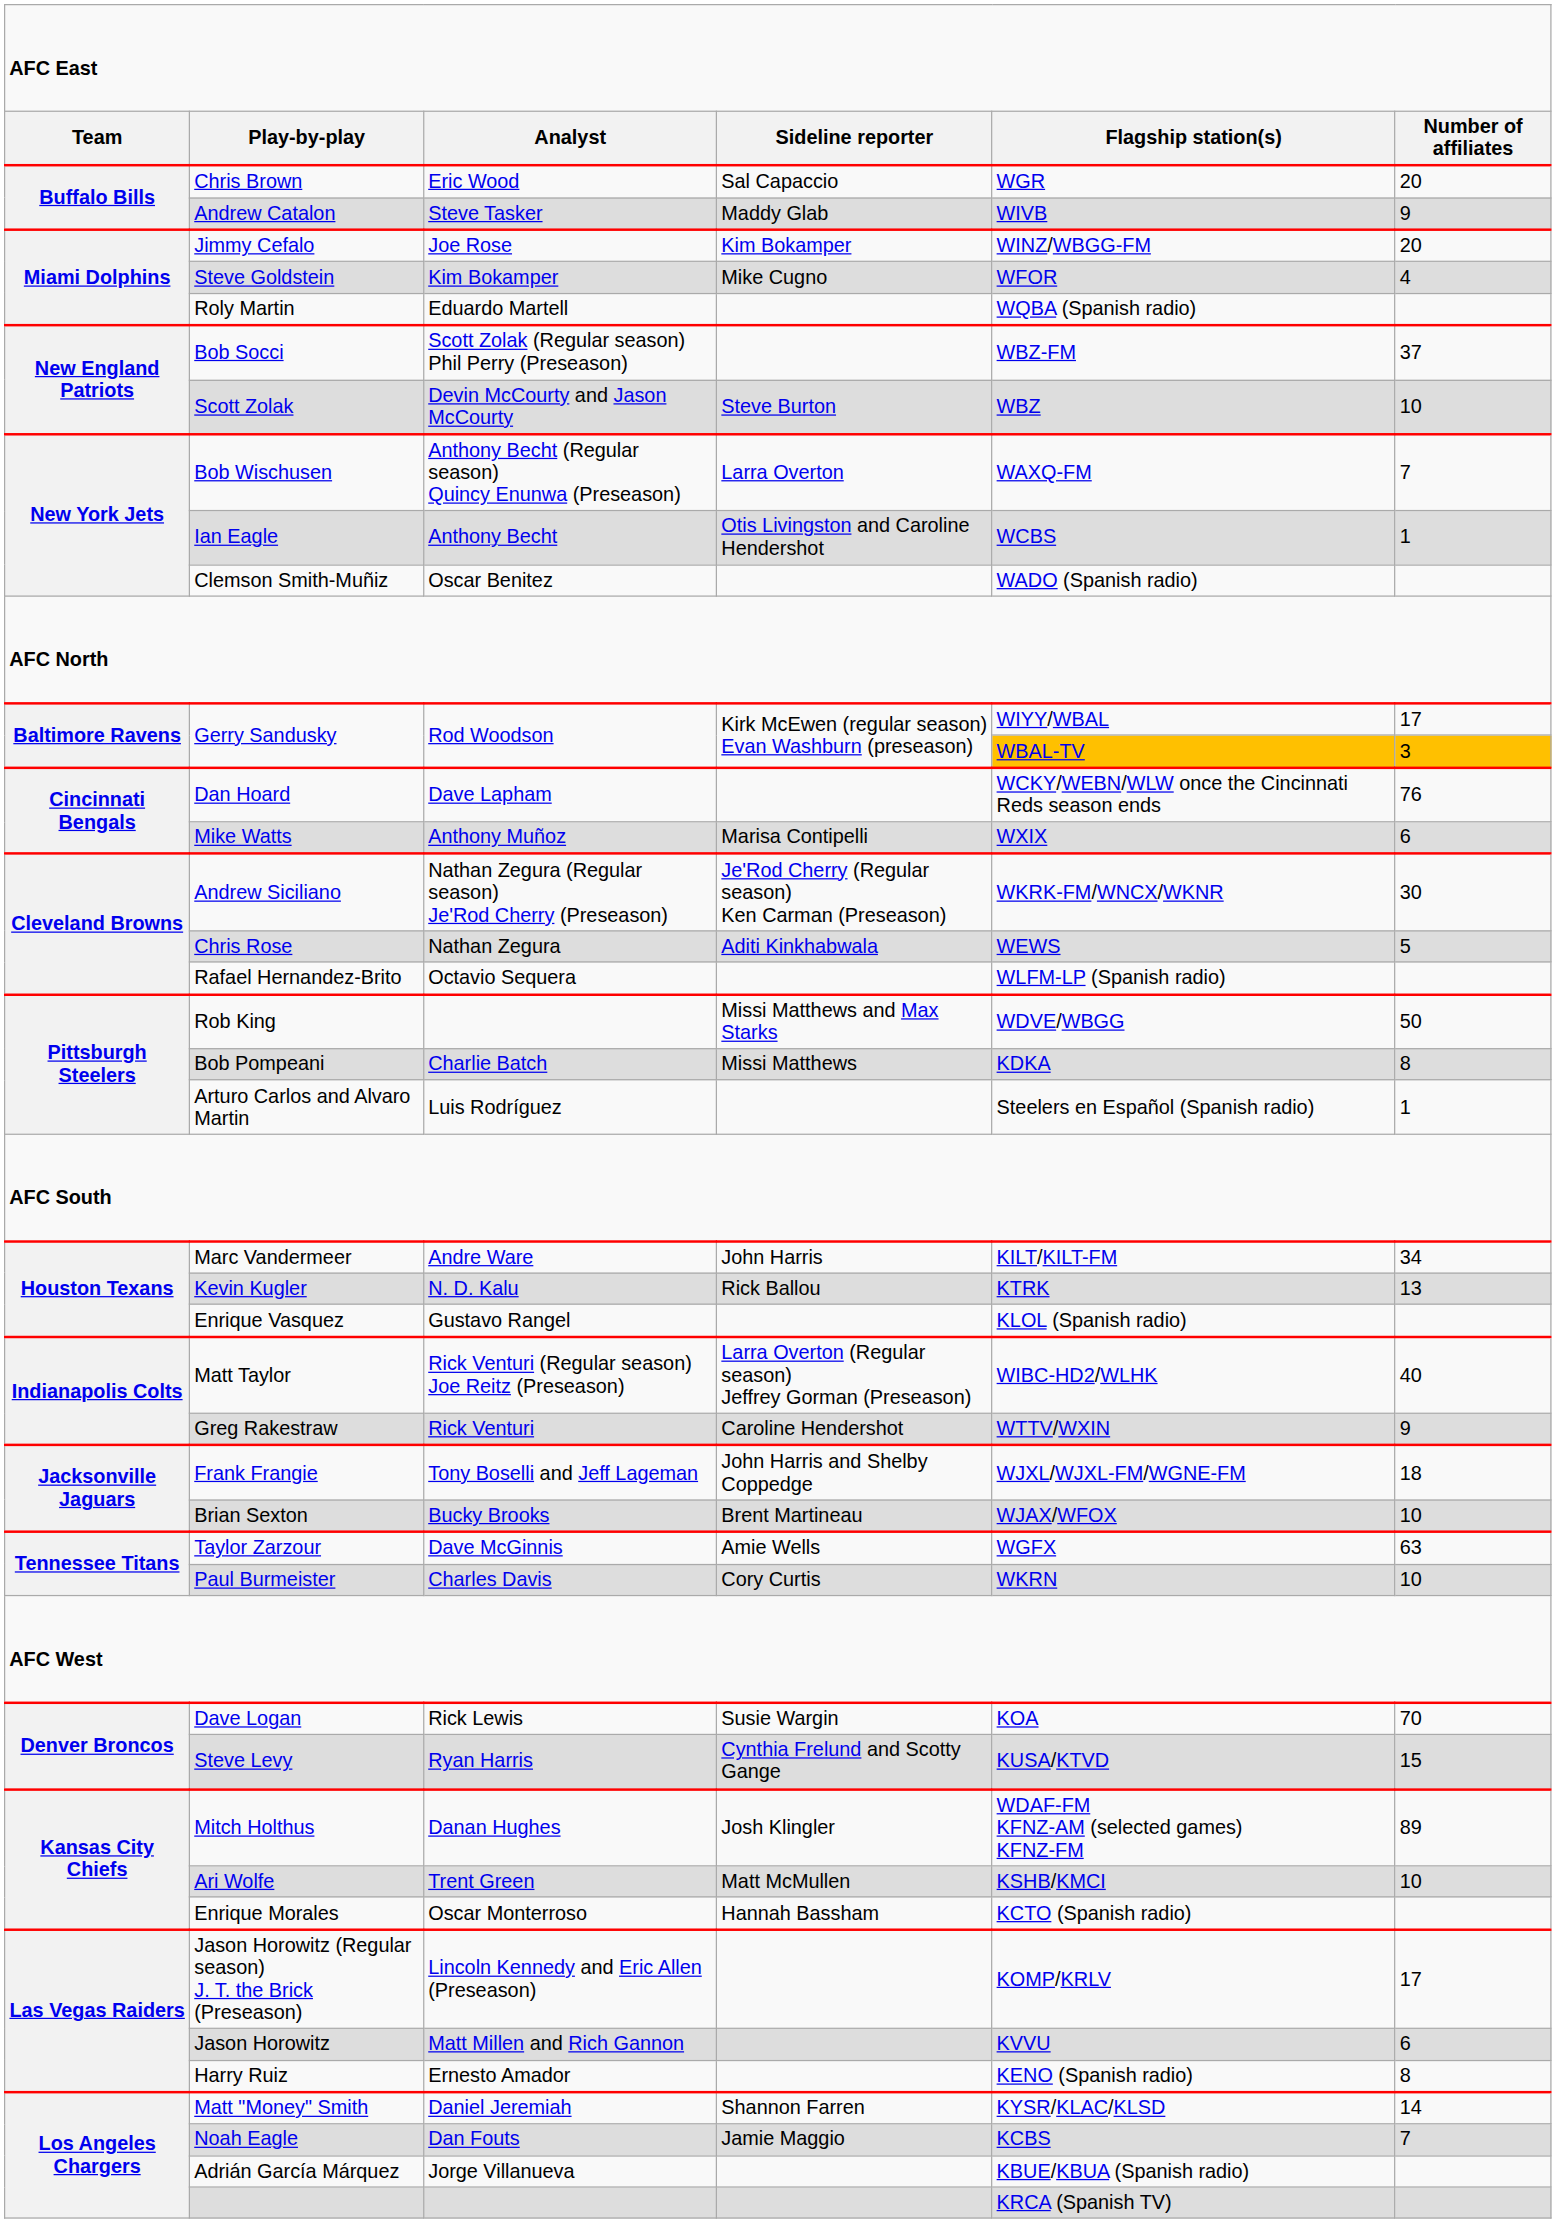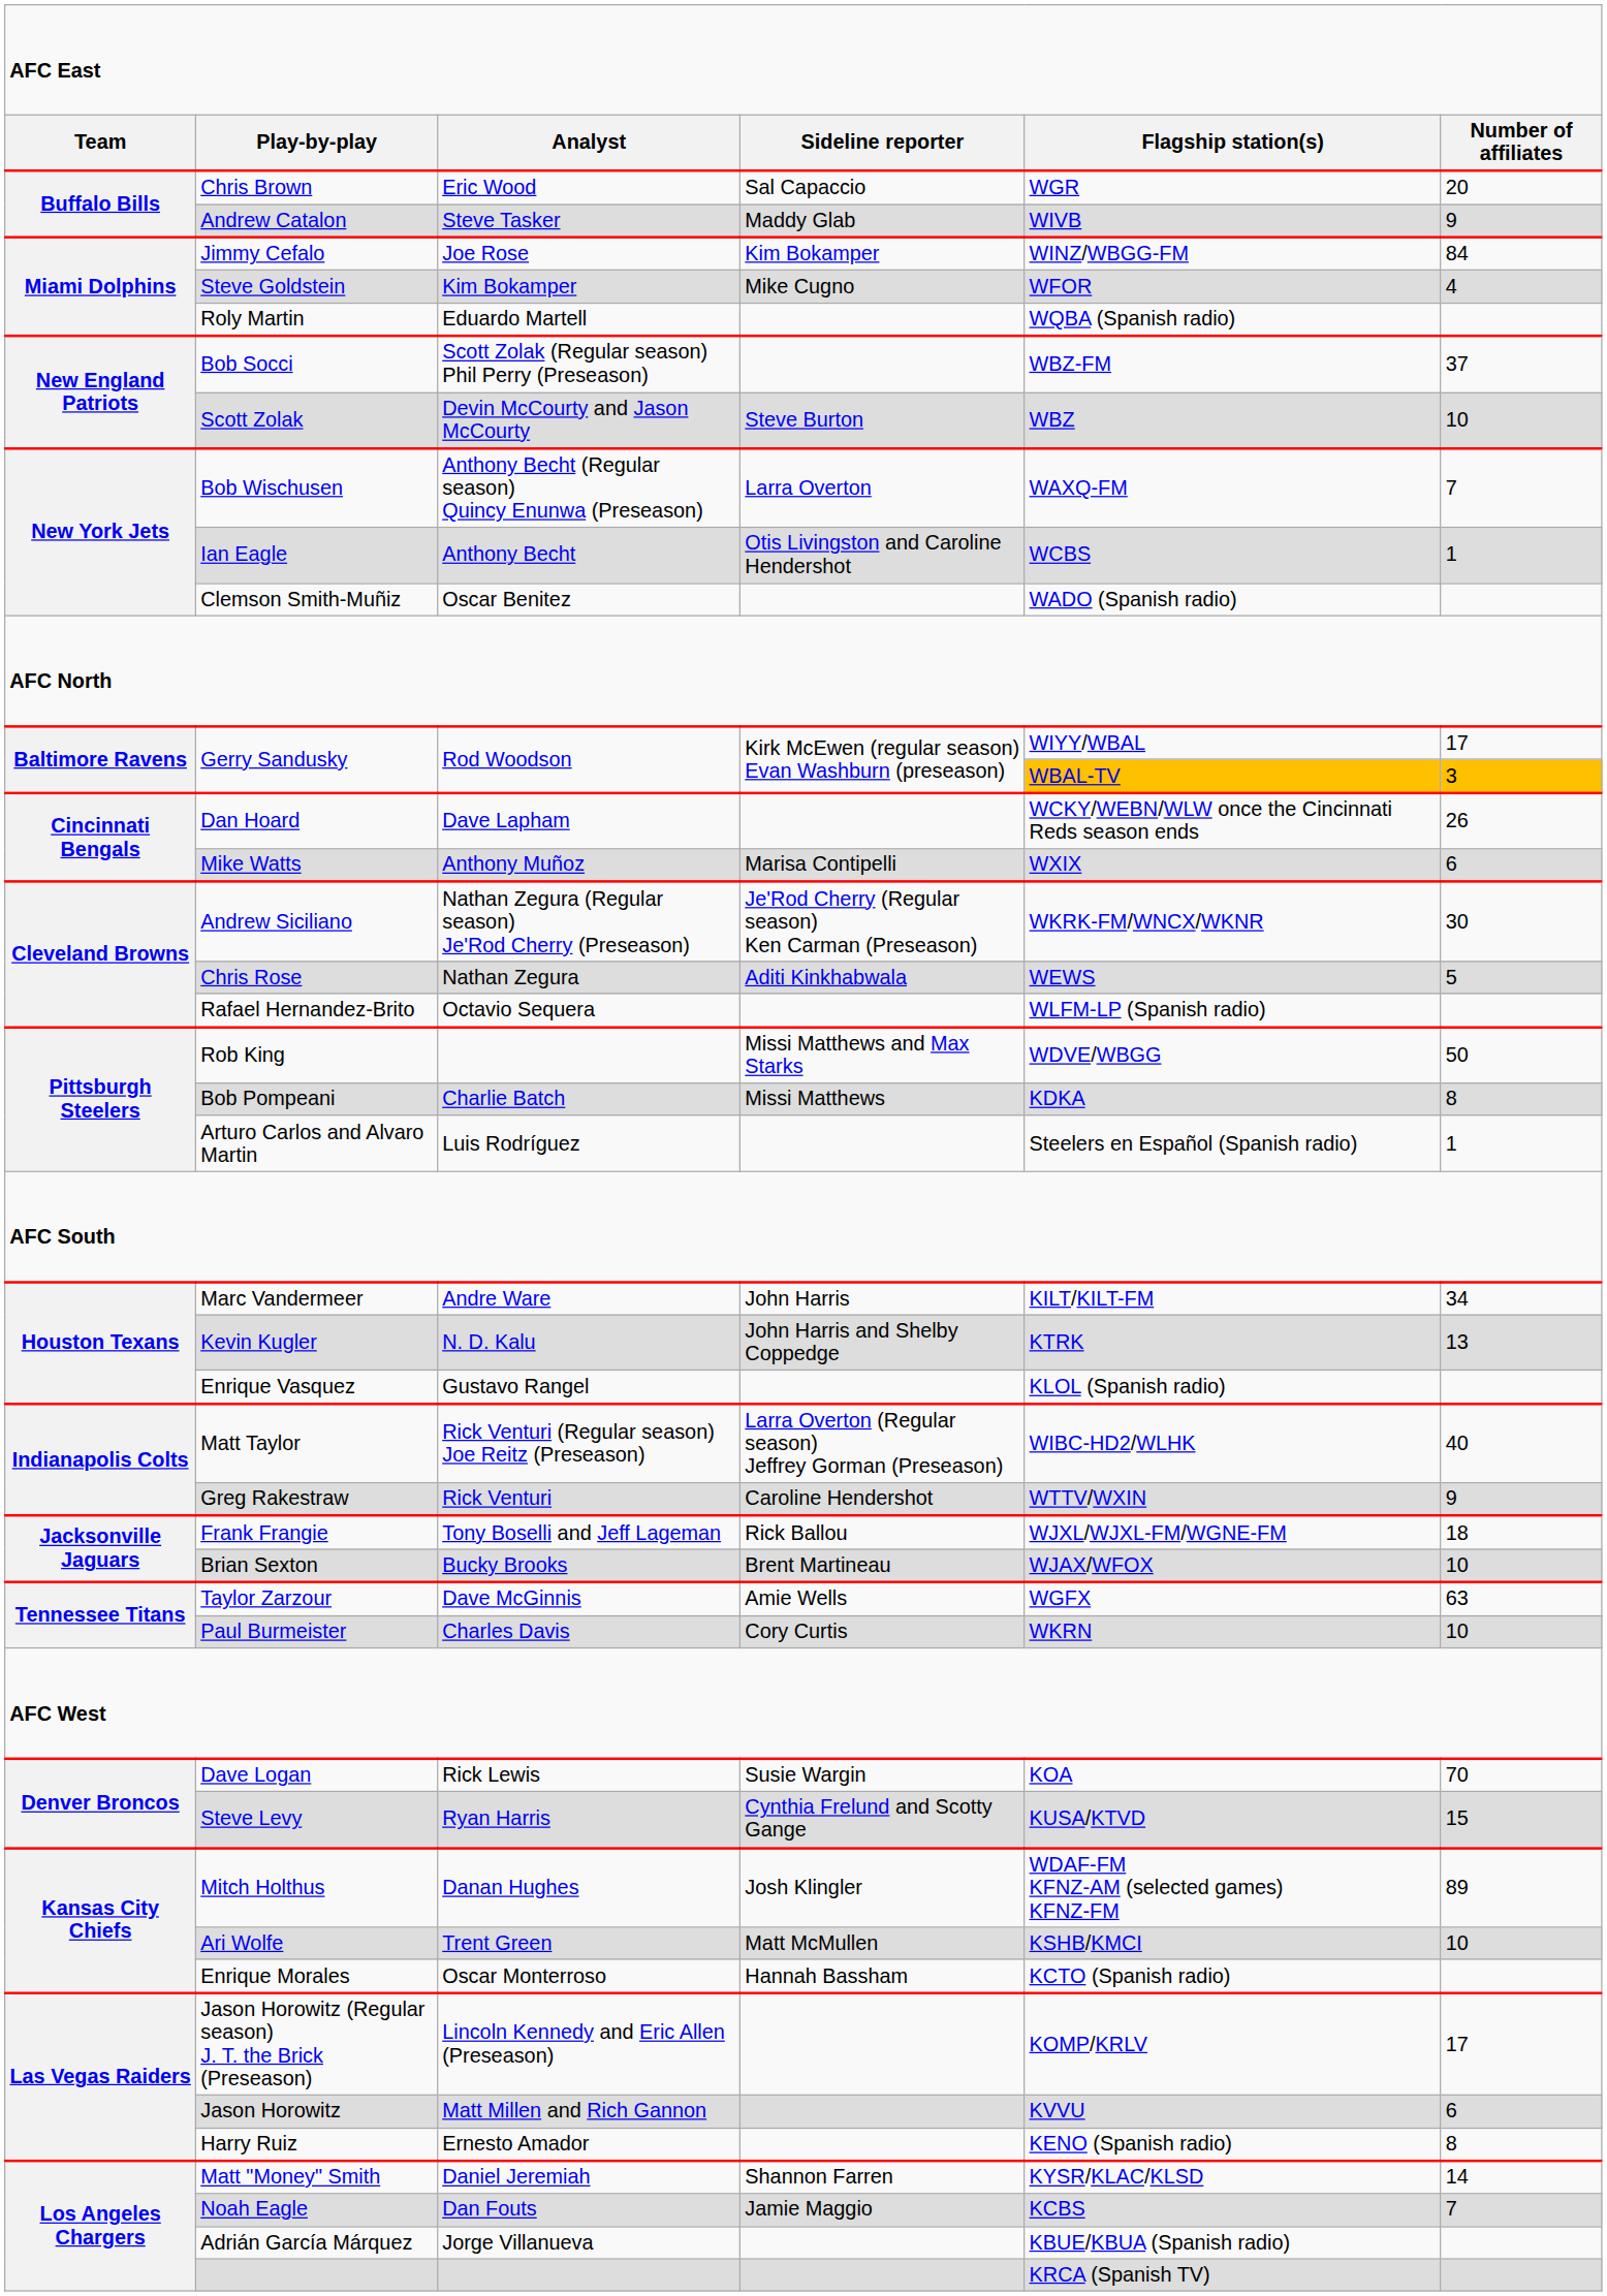 <table class="wikitable">
 <tr>
 <td colspan="7" style="text-align:left;"><br><h4>AFC East</h4></td>
 </tr>
 <tr>
 <th>Team</th>
 <th>Play-by-play</th>
 <th>Analyst</th>
 <th>Sideline reporter</th>
 <th>Flagship station(s)</th>
 <th>Number of affiliates</th>
 </tr>
 <tr style="border-top:2px solid red">
 <th scope="row" rowspan="2"><a href='#'>Buffalo Bills</a></th>
 <td><a href='#'>Chris Brown</a></td>
 <td><a href='#'>Eric Wood</a></td>
 <td>Sal Capaccio</td>
 <td><a href='#'>WGR</a></td>
 <td>20</td>
 </tr>
 <tr style="background:#ddd;">
 <td><a href='#'>Andrew Catalon</a></td>
 <td><a href='#'>Steve Tasker</a></td>
 <td>Maddy Glab</td>
 <td><a href='#'>WIVB</a></td>
 <td>9</td>
 </tr>
 <tr style="border-top:2px solid red">
 <th scope="row" rowspan="3"><a href='#'>Miami Dolphins</a></th>
 <td><a href='#'>Jimmy Cefalo</a></td>
 <td><a href='#'>Joe Rose</a></td>
 <td><a href='#'>Kim Bokamper</a></td>
 <td><a href='#'>WINZ</a>/<a href='#'>WBGG-FM</a></td>
-<td>20</td>
+<td>84</td>
 </tr>
 <tr style="background:#ddd;">
 <td><a href='#'>Steve Goldstein</a></td>
 <td><a href='#'>Kim Bokamper</a></td>
 <td>Mike Cugno</td>
 <td><a href='#'>WFOR</a></td>
 <td>4</td>
 </tr>
 <tr>
 <td>Roly Martin</td>
 <td>Eduardo Martell</td>
 <td></td>
 <td><a href='#'>WQBA</a> (Spanish radio)</td>
 <td></td>
 </tr>
 <tr style="border-top:2px solid red">
 <th scope="row" rowspan="2"><a href='#'>New England Patriots</a></th>
 <td><a href='#'>Bob Socci</a></td>
 <td><a href='#'>Scott Zolak</a> (Regular season)<br>Phil Perry (Preseason)</td>
 <td></td>
 <td><a href='#'>WBZ-FM</a></td>
 <td>37</td>
 </tr>
 <tr style="background:#ddd;">
 <td><a href='#'>Scott Zolak</a></td>
 <td><a href='#'>Devin McCourty</a> and <a href='#'>Jason McCourty</a></td>
 <td><a href='#'>Steve Burton</a></td>
 <td><a href='#'>WBZ</a></td>
 <td>10</td>
 </tr>
 <tr style="border-top:2px solid red">
 <th scope="row" rowspan="3"><a href='#'>New York Jets</a></th>
 <td><a href='#'>Bob Wischusen</a></td>
 <td><a href='#'>Anthony Becht</a> (Regular season)<br><a href='#'>Quincy Enunwa</a> (Preseason)</td>
 <td><a href='#'>Larra Overton</a></td>
 <td><a href='#'>WAXQ-FM</a></td>
 <td>7</td>
 </tr>
 <tr style="background:#ddd;">
 <td><a href='#'>Ian Eagle</a></td>
 <td><a href='#'>Anthony Becht</a></td>
 <td><a href='#'>Otis Livingston</a> and Caroline Hendershot</td>
 <td><a href='#'>WCBS</a></td>
 <td>1</td>
 </tr>
 <tr>
 <td>Clemson Smith-Muñiz</td>
 <td>Oscar Benitez</td>
 <td></td>
 <td><a href='#'>WADO</a> (Spanish radio)</td>
 <td></td>
 </tr>
 <tr>
 <td colspan="7" style="text-align:left;"><br><h4>AFC North</h4></td>
 </tr>
 <tr style="border-top:2px solid red">
 <th scope="row" rowspan="2"><a href='#'>Baltimore Ravens</a></th>
 <td rowspan="2"><a href='#'>Gerry Sandusky</a></td>
 <td rowspan="2"><a href='#'>Rod Woodson</a></td>
 <td rowspan="2">Kirk McEwen (regular season)<br><a href='#'>Evan Washburn</a> (preseason)</td>
 <td><a href='#'>WIYY</a>/<a href='#'>WBAL</a></td>
 <td>17</td>
 </tr>
 <tr style="background:#ffc000;">
 <td><a href='#'>WBAL-TV</a></td>
 <td>3</td>
 </tr>
 <tr style="border-top:2px solid red">
 <th scope="row" rowspan="2"><a href='#'>Cincinnati Bengals</a></th>
 <td><a href='#'>Dan Hoard</a></td>
 <td><a href='#'>Dave Lapham</a></td>
 <td></td>
 <td><a href='#'>WCKY</a>/<a href='#'>WEBN</a>/<a href='#'>WLW</a> once the Cincinnati Reds season ends</td>
-<td>76</td>
+<td>26</td>
 </tr>
 <tr style="background:#ddd;">
 <td><a href='#'>Mike Watts</a></td>
 <td><a href='#'>Anthony Muñoz</a></td>
 <td>Marisa Contipelli</td>
 <td><a href='#'>WXIX</a></td>
 <td>6</td>
 </tr>
 <tr style="border-top:2px solid red">
 <th scope="row" rowspan="3"><a href='#'>Cleveland Browns</a></th>
 <td><a href='#'>Andrew Siciliano</a></td>
 <td>Nathan Zegura (Regular season)<br><a href='#'>Je'Rod Cherry</a> (Preseason)</td>
 <td><a href='#'>Je'Rod Cherry</a> (Regular season)<br>Ken Carman (Preseason)</td>
 <td><a href='#'>WKRK-FM</a>/<a href='#'>WNCX</a>/<a href='#'>WKNR</a></td>
 <td>30</td>
 </tr>
 <tr style="background:#ddd;">
 <td><a href='#'>Chris Rose</a></td>
 <td>Nathan Zegura</td>
 <td><a href='#'>Aditi Kinkhabwala</a></td>
 <td><a href='#'>WEWS</a></td>
 <td>5</td>
 </tr>
 <tr>
 <td>Rafael Hernandez-Brito</td>
 <td>Octavio Sequera</td>
 <td></td>
 <td><a href='#'>WLFM-LP</a> (Spanish radio)</td>
 <td></td>
 </tr>
 <tr style="border-top:2px solid red">
 <th scope="row" rowspan="3"><a href='#'>Pittsburgh Steelers</a></th>
 <td>Rob King</td>
 <td></td>
 <td>Missi Matthews and <a href='#'>Max Starks</a></td>
 <td><a href='#'>WDVE</a>/<a href='#'>WBGG</a></td>
 <td>50</td>
 </tr>
 <tr style="background:#ddd;">
 <td>Bob Pompeani</td>
 <td><a href='#'>Charlie Batch</a></td>
 <td>Missi Matthews</td>
 <td><a href='#'>KDKA</a></td>
 <td>8</td>
 </tr>
 <tr>
 <td>Arturo Carlos and Alvaro Martin</td>
 <td>Luis Rodríguez</td>
 <td></td>
 <td>Steelers en Español (Spanish radio)</td>
 <td>1</td>
 </tr>
 <tr>
 <td colspan="7" style="text-align:left;"><br><h4>AFC South</h4></td>
 </tr>
 <tr style="border-top:2px solid red">
 <th scope="row" rowspan="3"><a href='#'>Houston Texans</a></th>
 <td>Marc Vandermeer</td>
 <td><a href='#'>Andre Ware</a></td>
 <td>John Harris</td>
 <td><a href='#'>KILT</a>/<a href='#'>KILT-FM</a></td>
 <td>34</td>
 </tr>
 <tr style="background:#ddd;">
 <td><a href='#'>Kevin Kugler</a></td>
 <td><a href='#'>N. D. Kalu</a></td>
-<td>Rick Ballou</td>
+<td>John Harris and Shelby Coppedge</td>
 <td><a href='#'>KTRK</a></td>
 <td>13</td>
 </tr>
 <tr>
 <td>Enrique Vasquez</td>
 <td>Gustavo Rangel</td>
 <td></td>
 <td><a href='#'>KLOL</a> (Spanish radio)</td>
 <td></td>
 </tr>
 <tr style="border-top:2px solid red">
 <th scope="row" rowspan="2"><a href='#'>Indianapolis Colts</a></th>
 <td>Matt Taylor</td>
 <td><a href='#'>Rick Venturi</a> (Regular season)<br><a href='#'>Joe Reitz</a> (Preseason)</td>
 <td><a href='#'>Larra Overton</a> (Regular season)<br>Jeffrey Gorman (Preseason)</td>
 <td><a href='#'>WIBC-HD2</a>/<a href='#'>WLHK</a></td>
 <td>40</td>
 </tr>
 <tr style="background:#ddd;">
 <td>Greg Rakestraw</td>
 <td><a href='#'>Rick Venturi</a></td>
 <td>Caroline Hendershot</td>
 <td><a href='#'>WTTV</a>/<a href='#'>WXIN</a></td>
 <td>9</td>
 </tr>
 <tr style="border-top:2px solid red">
 <th scope="row" rowspan="2"><a href='#'>Jacksonville Jaguars</a></th>
 <td><a href='#'>Frank Frangie</a></td>
 <td><a href='#'>Tony Boselli</a> and <a href='#'>Jeff Lageman</a></td>
-<td>John Harris and Shelby Coppedge</td>
+<td>Rick Ballou</td>
 <td><a href='#'>WJXL</a>/<a href='#'>WJXL-FM</a>/<a href='#'>WGNE-FM</a></td>
 <td>18</td>
 </tr>
 <tr style="background:#ddd;">
 <td>Brian Sexton</td>
 <td><a href='#'>Bucky Brooks</a></td>
 <td>Brent Martineau</td>
 <td><a href='#'>WJAX</a>/<a href='#'>WFOX</a></td>
 <td>10</td>
 </tr>
 <tr style="border-top:2px solid red">
 <th scope="row" rowspan="2"><a href='#'>Tennessee Titans</a></th>
 <td><a href='#'>Taylor Zarzour</a></td>
 <td><a href='#'>Dave McGinnis</a></td>
 <td>Amie Wells</td>
 <td><a href='#'>WGFX</a></td>
 <td>63</td>
 </tr>
 <tr style="background:#ddd;">
 <td><a href='#'>Paul Burmeister</a></td>
 <td><a href='#'>Charles Davis</a></td>
 <td>Cory Curtis</td>
 <td><a href='#'>WKRN</a></td>
 <td>10</td>
 </tr>
 <tr>
 <td colspan="7" style="text-align:left;"><br><h4>AFC West</h4></td>
 </tr>
 <tr style="border-top:2px solid red">
 <th scope="row" rowspan="2"><a href='#'>Denver Broncos</a></th>
 <td><a href='#'>Dave Logan</a></td>
 <td>Rick Lewis</td>
 <td>Susie Wargin</td>
 <td><a href='#'>KOA</a></td>
 <td>70</td>
 </tr>
 <tr style="background:#ddd;">
 <td><a href='#'>Steve Levy</a></td>
 <td><a href='#'>Ryan Harris</a></td>
 <td><a href='#'>Cynthia Frelund</a> and Scotty Gange</td>
 <td><a href='#'>KUSA</a>/<a href='#'>KTVD</a></td>
 <td>15</td>
 </tr>
 <tr style="border-top:2px solid red">
 <th scope="row" rowspan="3"><a href='#'>Kansas City Chiefs</a></th>
 <td><a href='#'>Mitch Holthus</a></td>
 <td><a href='#'>Danan Hughes</a></td>
 <td>Josh Klingler</td>
 <td><a href='#'>WDAF-FM</a> <br> <a href='#'>KFNZ-AM</a> (selected games) <br> <a href='#'>KFNZ-FM</a></td>
 <td>89</td>
 </tr>
 <tr style="background:#ddd;">
 <td><a href='#'>Ari Wolfe</a></td>
 <td><a href='#'>Trent Green</a></td>
 <td>Matt McMullen</td>
 <td><a href='#'>KSHB</a>/<a href='#'>KMCI</a></td>
 <td>10</td>
 </tr>
 <tr>
 <td>Enrique Morales</td>
 <td>Oscar Monterroso</td>
 <td>Hannah Bassham</td>
 <td><a href='#'>KCTO</a> (Spanish radio)</td>
 <td></td>
 </tr>
 <tr style="border-top:2px solid red">
 <th scope="row" rowspan="3"><a href='#'>Las Vegas Raiders</a></th>
 <td>Jason Horowitz (Regular season)<br><a href='#'>J. T. the Brick</a> (Preseason)</td>
 <td><a href='#'>Lincoln Kennedy</a> and <a href='#'>Eric Allen</a> (Preseason)</td>
 <td></td>
 <td><a href='#'>KOMP</a>/<a href='#'>KRLV</a></td>
 <td>17</td>
 </tr>
 <tr style="background:#ddd;">
 <td>Jason Horowitz</td>
 <td><a href='#'>Matt Millen</a> and <a href='#'>Rich Gannon</a></td>
 <td></td>
 <td><a href='#'>KVVU</a></td>
 <td>6</td>
 </tr>
 <tr>
 <td>Harry Ruiz</td>
 <td>Ernesto Amador</td>
 <td></td>
 <td><a href='#'>KENO</a> (Spanish radio)</td>
 <td>8</td>
 </tr>
 <tr style="border-top:2px solid red">
 <th scope="row" rowspan="4"><a href='#'>Los Angeles Chargers</a></th>
 <td><a href='#'>Matt "Money" Smith</a></td>
 <td><a href='#'>Daniel Jeremiah</a></td>
 <td>Shannon Farren</td>
 <td><a href='#'>KYSR</a>/<a href='#'>KLAC</a>/<a href='#'>KLSD</a></td>
 <td>14</td>
 </tr>
 <tr style="background:#ddd;">
 <td><a href='#'>Noah Eagle</a></td>
 <td><a href='#'>Dan Fouts</a></td>
 <td>Jamie Maggio</td>
 <td><a href='#'>KCBS</a></td>
 <td>7</td>
 </tr>
 <tr>
 <td>Adrián García Márquez</td>
 <td>Jorge Villanueva</td>
 <td></td>
 <td><a href='#'>KBUE</a>/<a href='#'>KBUA</a> (Spanish radio)</td>
 <td></td>
 </tr>
 <tr style="background:#ddd;">
 <td></td>
 <td></td>
 <td></td>
 <td><a href='#'>KRCA</a> (Spanish TV)</td>
 <td></td>
 </tr>
 </table>
